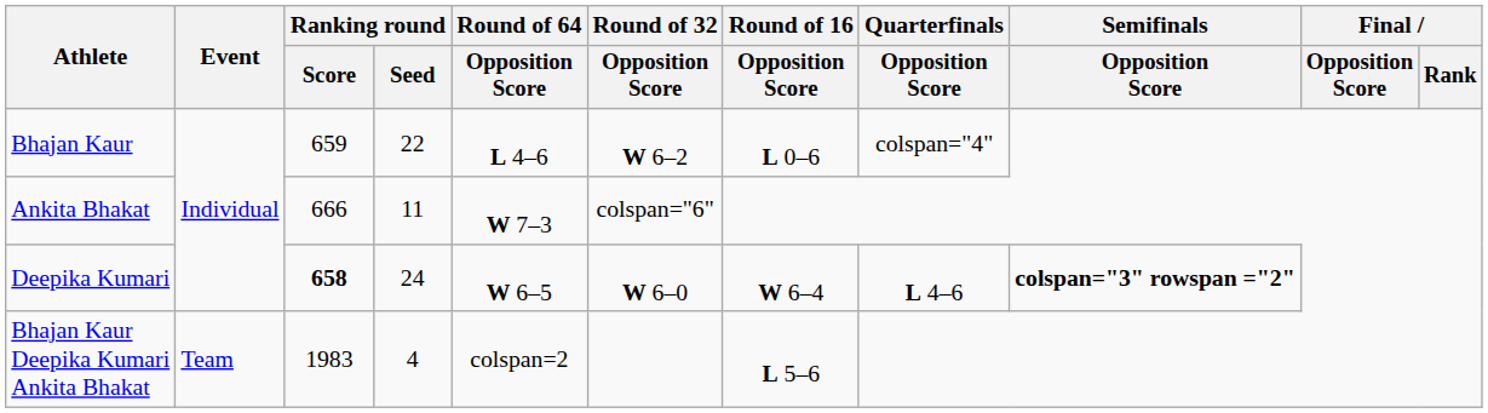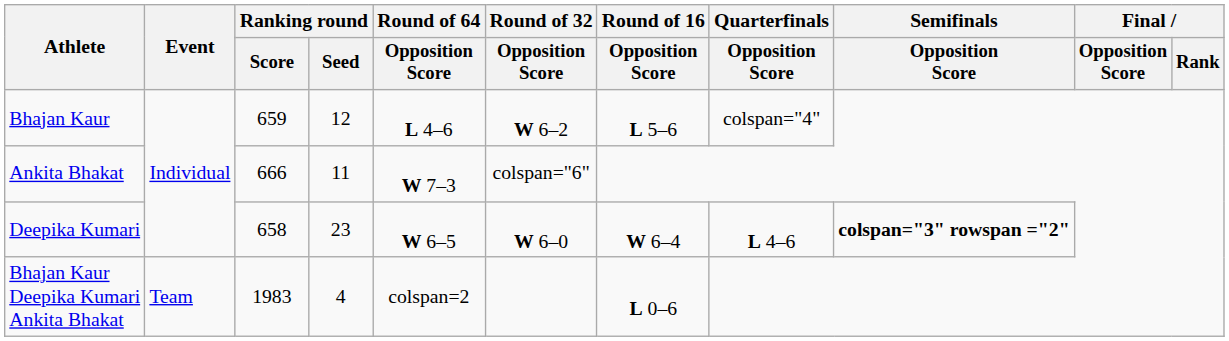 <table class="wikitable" style="font-size:90%; text-align:center">
 <tr>
 <th rowspan=2>Athlete</th>
 <th rowspan=2>Event</th>
 <th colspan="2">Ranking round</th>
 <th>Round of 64</th>
 <th>Round of 32</th>
 <th>Round of 16</th>
 <th>Quarterfinals</th>
 <th>Semifinals</th>
 <th colspan="2">Final / </th>
 </tr>
 <tr style="font-size:95%">
 <th>Score</th>
 <th>Seed</th>
 <th>Opposition<br>Score</th>
 <th>Opposition<br>Score</th>
 <th>Opposition<br>Score</th>
 <th>Opposition<br>Score</th>
 <th>Opposition<br>Score</th>
 <th>Opposition<br>Score</th>
 <th>Rank</th>
 </tr>
 <tr align=center>
 <td align=left><a href='#'>Bhajan Kaur</a></td>
 <td align=left rowspan=3><a href='#'>Individual</a></td>
 <td>659</td>
-<td>22</td>
+<td>12</td>
 <td><br> <strong>L</strong> 4–6</td>
 <td><br> <strong>W</strong> 6–2</td>
-<td><br><strong>L</strong> 0–6</td>
+<td><br><strong>L</strong> 5–6</td>
 <td>colspan="4" </td>
 </tr>
 <tr align=center>
 <td align=left><a href='#'>Ankita Bhakat</a></td>
 <td>666</td>
 <td>11</td>
 <td><br><strong>W</strong> 7–3</td>
 <td>colspan="6" </td>
 </tr>
 <tr align=center>
 <td align=left><a href='#'>Deepika Kumari</a></td>
-<td><strong>658</strong></td>
-<td>24</td>
+<td>658</td>
+<td>23</td>
 <td><br> <strong>W</strong> 6–5</td>
 <td><br> <strong>W</strong> 6–0</td>
 <td><br><strong>W</strong> 6–4</td>
 <td><br><strong>L</strong> 4–6</td>
 <td><strong>colspan="3" rowspan ="2" </strong></td>
 </tr>
 <tr align=center>
 <td align=left><a href='#'>Bhajan Kaur</a><br><a href='#'>Deepika Kumari</a><br><a href='#'>Ankita Bhakat</a></td>
 <td align=left><a href='#'>Team</a></td>
 <td>1983</td>
 <td>4</td>
 <td>colspan=2 </td>
 <td></td>
-<td><br><strong>L</strong> 5–6</td>
+<td><br><strong>L</strong> 0–6</td>
 </tr>
 </table>
